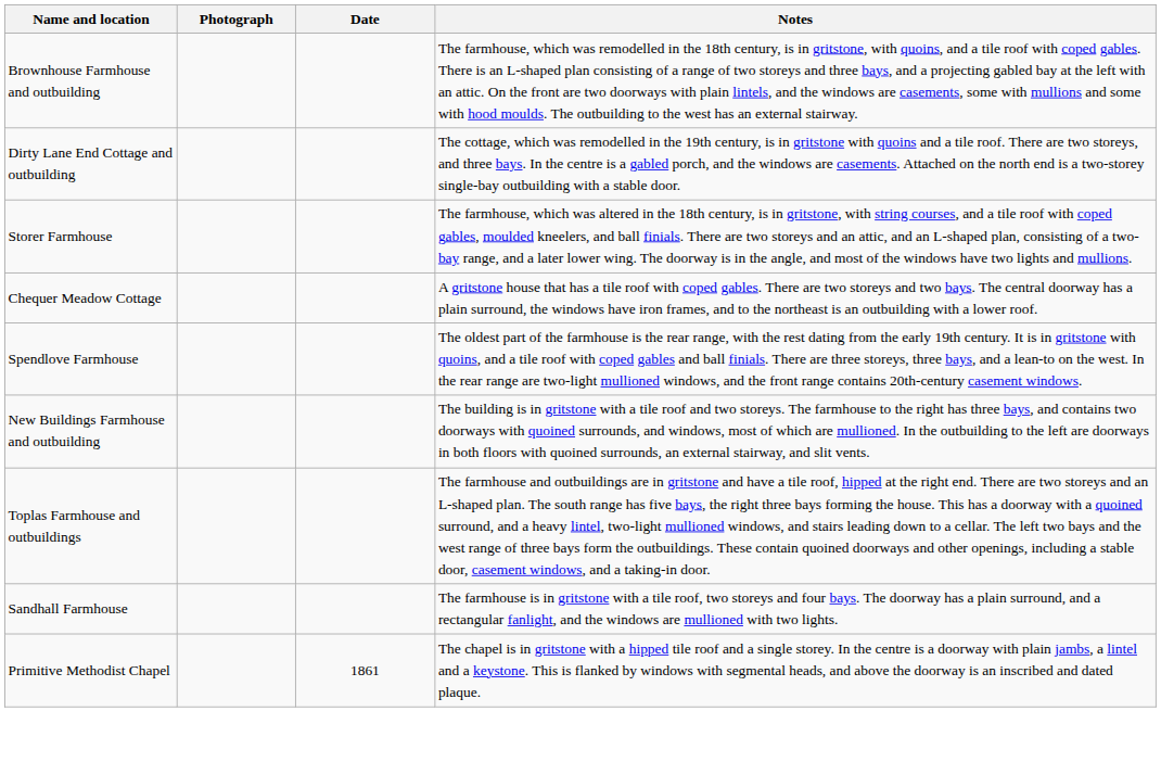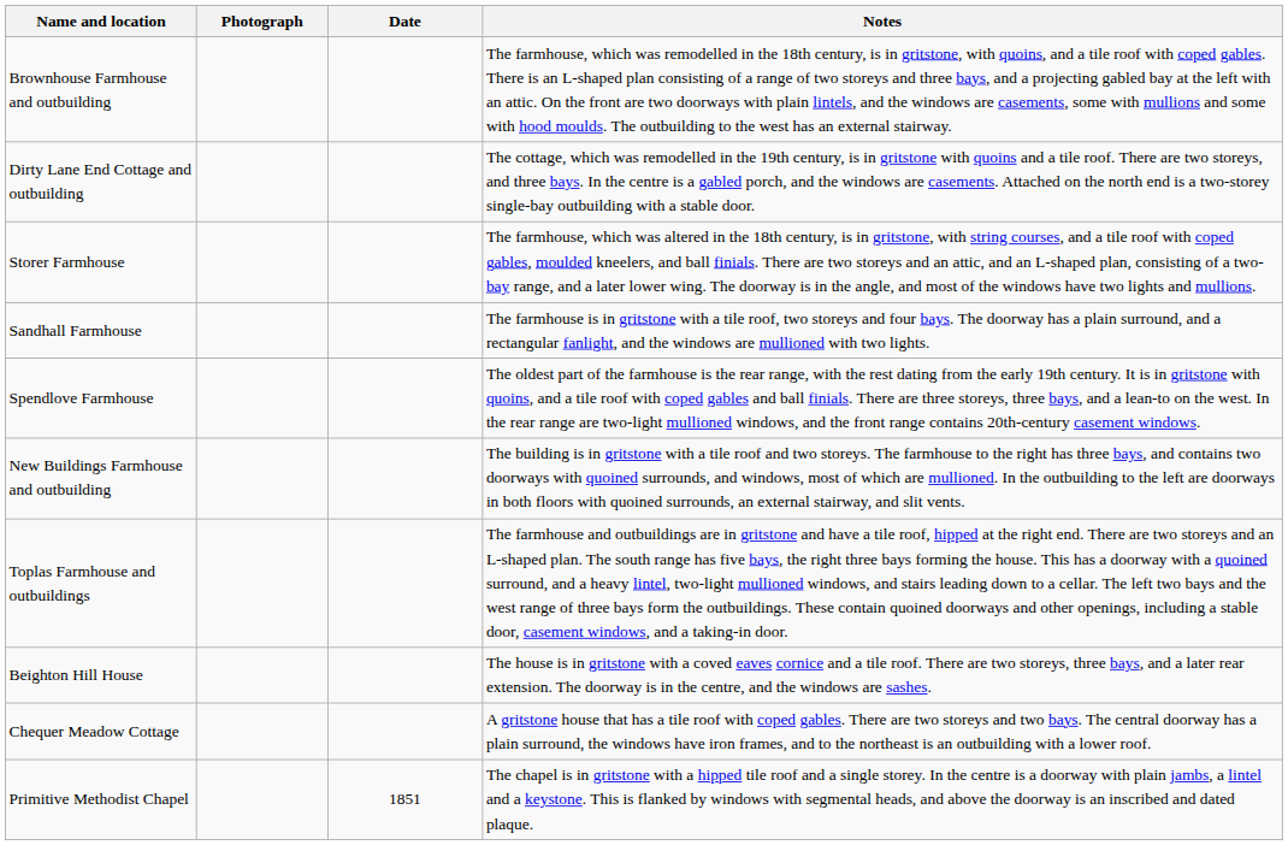 <table class="wikitable sortable plainrowheaders" style="width:100%;border:0px;text-align:left;line-height:150%;">
 <tr>
 <th scope="col"  style="width:150px">Name and location</th>
 <th scope="col"  style="width:100px" class="unsortable">Photograph</th>
 <th scope="col"  style="width:120px">Date</th>
 <th scope="col"  style="width:650px" class="unsortable">Notes</th>
 </tr>
 <tr>
 <td>Brownhouse Farmhouse and outbuilding<br><small></small></td>
 <td></td>
 <td align="center"></td>
 <td>The farmhouse, which was remodelled in the 18th century, is in <a href='#'>gritstone</a>, with <a href='#'>quoins</a>, and a tile roof with <a href='#'>coped</a> <a href='#'>gables</a>.  There is an L-shaped plan consisting of a range of two storeys and three <a href='#'>bays</a>, and a projecting gabled bay at the left with an attic. On the front are two doorways with plain <a href='#'>lintels</a>, and the windows are <a href='#'>casements</a>, some with <a href='#'>mullions</a> and some with <a href='#'>hood moulds</a>.  The outbuilding to the west has an external stairway.</td>
 </tr>
 <tr>
 <td>Dirty Lane End Cottage and outbuilding<br><small></small></td>
 <td></td>
 <td align="center"></td>
 <td>The cottage, which was remodelled in the 19th century, is in <a href='#'>gritstone</a> with <a href='#'>quoins</a> and a tile roof.  There are two storeys, and three <a href='#'>bays</a>.  In the centre is a <a href='#'>gabled</a> porch, and the windows are <a href='#'>casements</a>.  Attached on the north end is a two-storey single-bay outbuilding with a stable door.</td>
 </tr>
 <tr>
 <td>Storer Farmhouse<br><small></small></td>
 <td></td>
 <td align="center"></td>
 <td>The farmhouse, which was altered in the 18th century, is in <a href='#'>gritstone</a>, with <a href='#'>string courses</a>, and a tile roof with <a href='#'>coped</a> <a href='#'>gables</a>, <a href='#'>moulded</a> kneelers, and ball <a href='#'>finials</a>.  There are two storeys and an attic, and an L-shaped plan, consisting of a two-<a href='#'>bay</a> range, and a later lower wing.  The doorway is in the angle, and most of the windows have two lights and <a href='#'>mullions</a>.</td>
 </tr>
 <tr>
-<td>Chequer Meadow Cottage<br><small></small></td>
+<td>Sandhall Farmhouse<br><small></small></td>
 <td></td>
 <td align="center"></td>
-<td>A <a href='#'>gritstone</a> house that has a tile roof with <a href='#'>coped</a> <a href='#'>gables</a>.  There are two storeys and two <a href='#'>bays</a>.  The central doorway has a plain surround, the windows have iron frames, and to the northeast is an outbuilding with a lower roof.</td>
+<td>The farmhouse is in <a href='#'>gritstone</a> with a tile roof, two storeys and four <a href='#'>bays</a>.  The doorway has a plain surround, and a rectangular <a href='#'>fanlight</a>, and the windows are <a href='#'>mullioned</a> with two lights.</td>
 </tr>
 <tr>
 <td>Spendlove Farmhouse<br><small></small></td>
 <td></td>
 <td align="center"></td>
 <td>The oldest part of the farmhouse is the rear range, with the rest dating from the early 19th century.  It is in <a href='#'>gritstone</a> with <a href='#'>quoins</a>, and a tile roof with <a href='#'>coped</a> <a href='#'>gables</a> and ball <a href='#'>finials</a>.  There are three storeys, three <a href='#'>bays</a>, and a lean-to on the west.  In the rear range are two-light <a href='#'>mullioned</a> windows, and the front range contains 20th-century <a href='#'>casement windows</a>.</td>
 </tr>
 <tr>
 <td>New Buildings Farmhouse and outbuilding<br><small></small></td>
 <td></td>
 <td align="center"></td>
 <td>The building is in <a href='#'>gritstone</a> with a tile roof and two storeys.  The farmhouse to the right has three <a href='#'>bays</a>, and contains two doorways with <a href='#'>quoined</a> surrounds, and windows, most of which are <a href='#'>mullioned</a>.  In the outbuilding to the left are doorways in both floors with quoined surrounds, an external stairway, and slit vents.</td>
 </tr>
 <tr>
 <td>Toplas Farmhouse and outbuildings<br><small></small></td>
 <td></td>
 <td align="center"></td>
 <td>The farmhouse and outbuildings are in <a href='#'>gritstone</a> and have a tile roof, <a href='#'>hipped</a> at the right end.  There are two storeys and an L-shaped plan.  The south range has five <a href='#'>bays</a>, the right three bays forming the house.  This has a doorway with a <a href='#'>quoined</a> surround, and a heavy <a href='#'>lintel</a>, two-light <a href='#'>mullioned</a> windows, and stairs leading down to a cellar.  The left two bays and the west range of three bays form the outbuildings.  These contain quoined doorways and other openings, including a stable door, <a href='#'>casement windows</a>, and a taking-in door.</td>
 </tr>
 <tr>
-<td>Sandhall Farmhouse<br><small></small></td>
+<td>Beighton Hill House<br><small></small></td>
 <td></td>
 <td align="center"></td>
-<td>The farmhouse is in <a href='#'>gritstone</a> with a tile roof, two storeys and four <a href='#'>bays</a>.  The doorway has a plain surround, and a rectangular <a href='#'>fanlight</a>, and the windows are <a href='#'>mullioned</a> with two lights.</td>
+<td>The house is in <a href='#'>gritstone</a> with a coved <a href='#'>eaves</a> <a href='#'>cornice</a> and a tile roof.  There are two storeys, three <a href='#'>bays</a>, and a later rear extension.  The doorway is in the centre, and the windows are <a href='#'>sashes</a>.</td>
+</tr>
+<tr>
+<td>Chequer Meadow Cottage<br><small></small></td>
+<td></td>
+<td align="center"></td>
+<td>A <a href='#'>gritstone</a> house that has a tile roof with <a href='#'>coped</a> <a href='#'>gables</a>.  There are two storeys and two <a href='#'>bays</a>.  The central doorway has a plain surround, the windows have iron frames, and to the northeast is an outbuilding with a lower roof.</td>
 </tr>
 <tr>
 <td>Primitive Methodist Chapel<br><small></small></td>
 <td></td>
-<td align="center">1861</td>
+<td align="center">1851</td>
 <td>The chapel is in <a href='#'>gritstone</a> with a <a href='#'>hipped</a> tile roof and a single storey.  In the centre is a doorway with plain <a href='#'>jambs</a>, a <a href='#'>lintel</a> and a <a href='#'>keystone</a>.  This is flanked by windows with segmental heads, and above the doorway is an inscribed and dated plaque.</td>
 </tr>
 <tr>
 </tr>
 </table>
